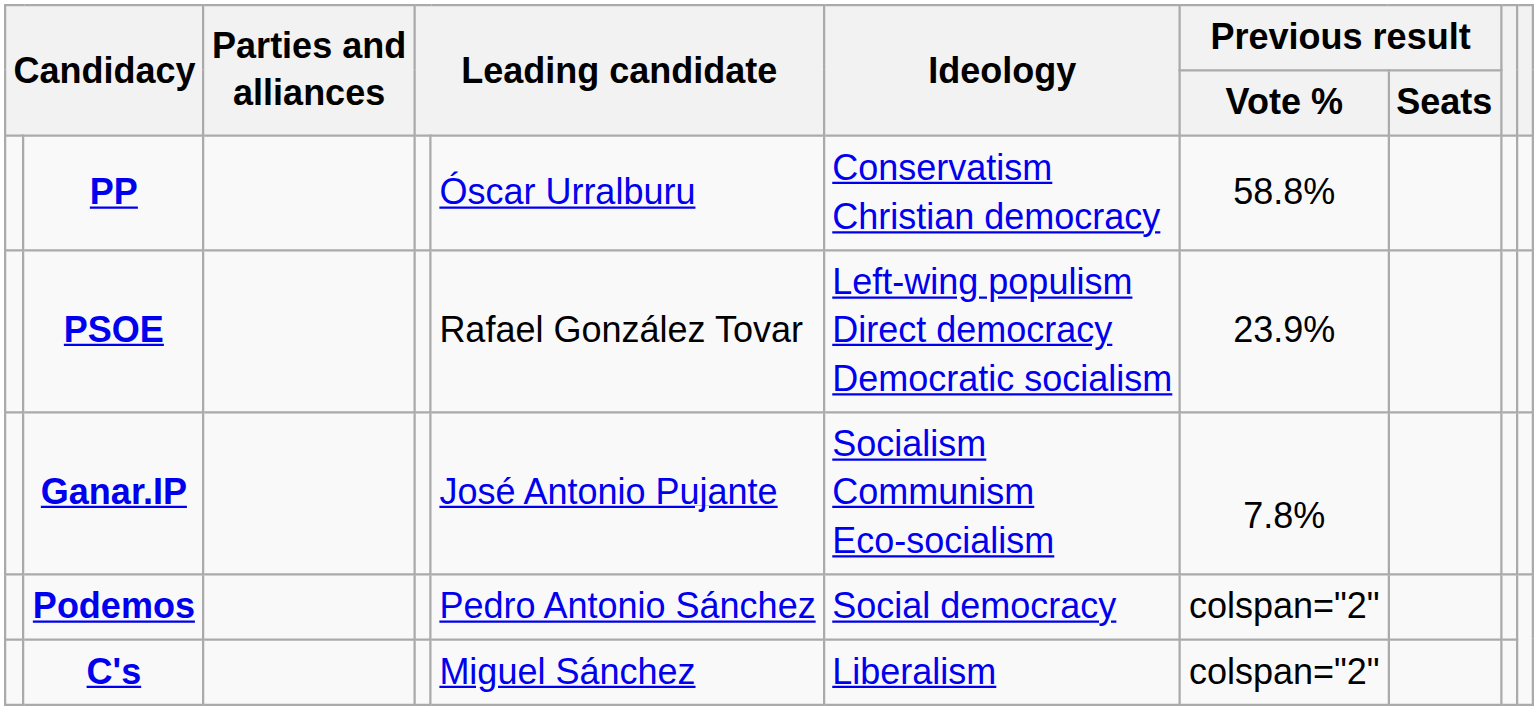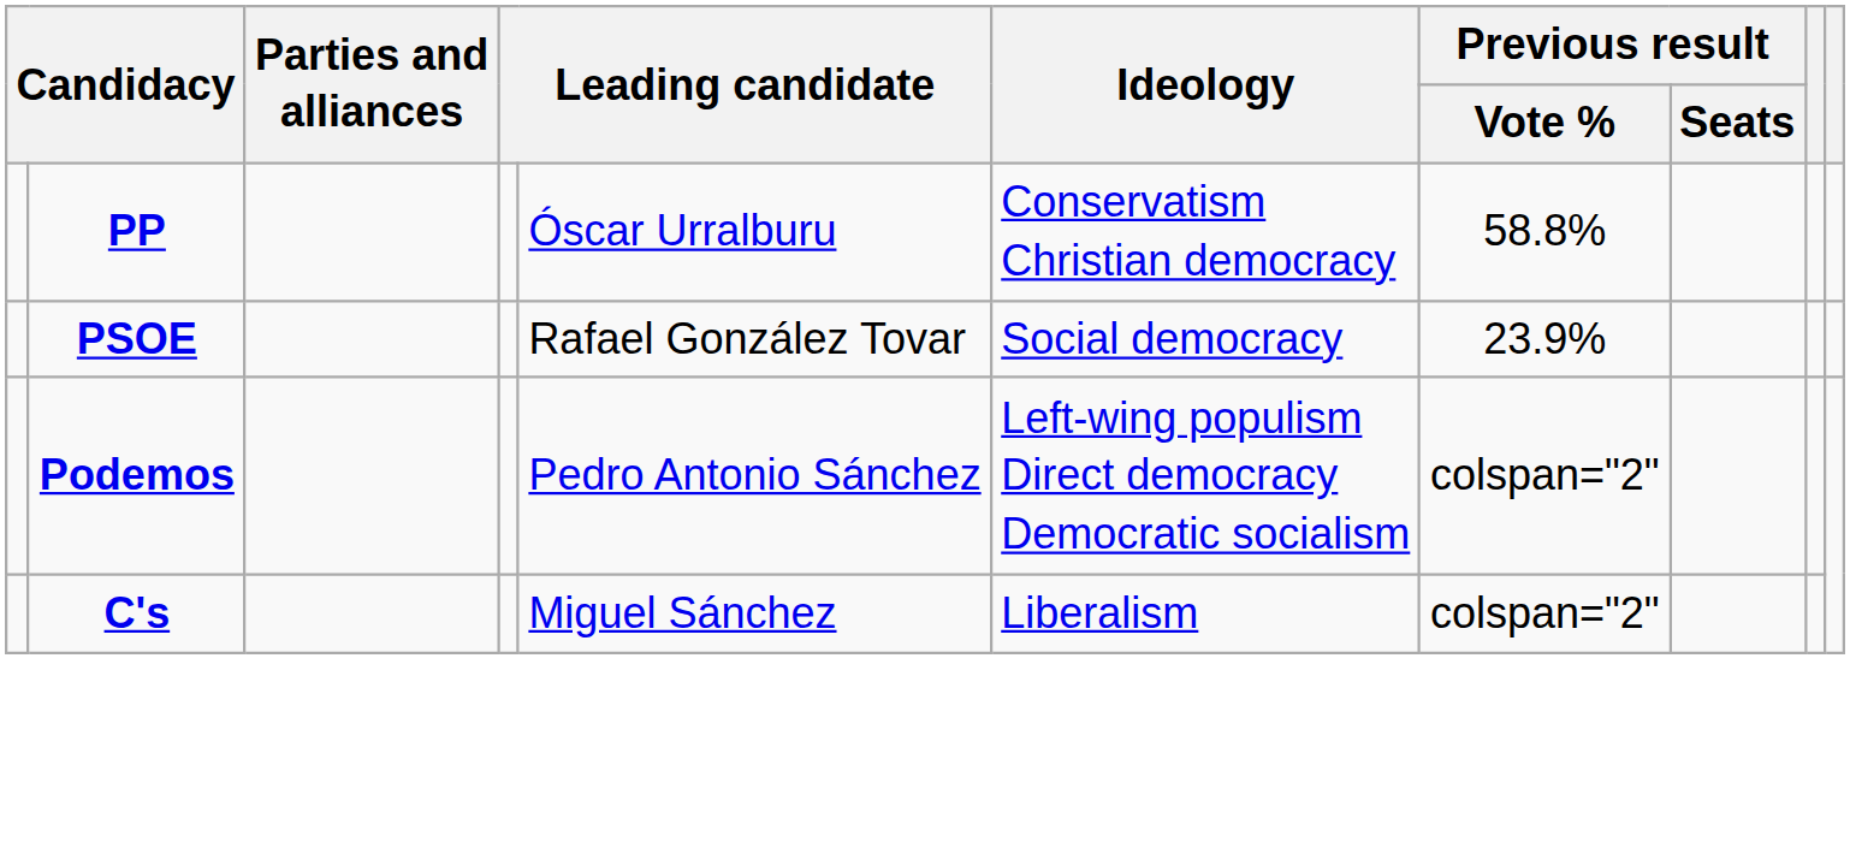 <table class="wikitable" style="line-height:1.35em; text-align:left;">
 <tr>
 <th colspan="2" rowspan="2">Candidacy</th>
 <th rowspan="2">Parties and<br>alliances</th>
 <th colspan="2" rowspan="2">Leading candidate</th>
 <th rowspan="2">Ideology</th>
 <th colspan="2">Previous result</th>
 <th rowspan="2"></th>
 <th rowspan="2"></th>
 </tr>
 <tr>
 <th>Vote %</th>
 <th>Seats</th>
 </tr>
 <tr>
 <td width="1" style="color:inherit;background:"></td>
 <td align="center"><strong><a href='#'>PP</a></strong></td>
 <td></td>
 <td></td>
 <td><a href='#'>Óscar Urralburu</a></td>
 <td><a href='#'>Conservatism</a><br><a href='#'>Christian democracy</a></td>
 <td align="center">58.8%</td>
 <td></td>
 <td></td>
 <td></td>
 </tr>
 <tr>
 <td style="color:inherit;background:"></td>
 <td align="center"><strong><a href='#'>PSOE</a></strong></td>
 <td></td>
 <td></td>
 <td>Rafael González Tovar</td>
-<td><a href='#'>Left-wing populism</a><br><a href='#'>Direct democracy</a><br><a href='#'>Democratic socialism</a></td>
+<td><a href='#'>Social democracy</a></td>
 <td align="center">23.9%</td>
 <td></td>
 <td></td>
 <td></td>
 </tr>
 <tr>
 <td style="color:inherit;background:"></td>
-<td align="center"><strong><a href='#'>Ganar.IP</a></strong></td>
-<td></td>
-<td></td>
-<td><a href='#'>José Antonio Pujante</a></td>
-<td><a href='#'>Socialism</a><br><a href='#'>Communism</a><br><a href='#'>Eco-socialism</a></td>
-<td align="center"><br>7.8%<br></td>
-<td></td>
-<td></td>
-<td><br></td>
-</tr>
-<tr>
-<td style="color:inherit;background:"></td>
 <td align="center"><strong><a href='#'>Podemos</a></strong></td>
 <td></td>
 <td></td>
 <td><a href='#'>Pedro Antonio Sánchez</a></td>
-<td><a href='#'>Social democracy</a></td>
+<td><a href='#'>Left-wing populism</a><br><a href='#'>Direct democracy</a><br><a href='#'>Democratic socialism</a></td>
 <td>colspan="2" </td>
 <td></td>
 <td></td>
 </tr>
 <tr>
 <td style="color:inherit;background:"></td>
 <td align="center"><strong><a href='#'>C's</a></strong></td>
 <td></td>
 <td></td>
 <td><a href='#'>Miguel Sánchez</a></td>
 <td><a href='#'>Liberalism</a></td>
 <td>colspan="2" </td>
 <td></td>
 <td></td>
 </tr>
 </table>
